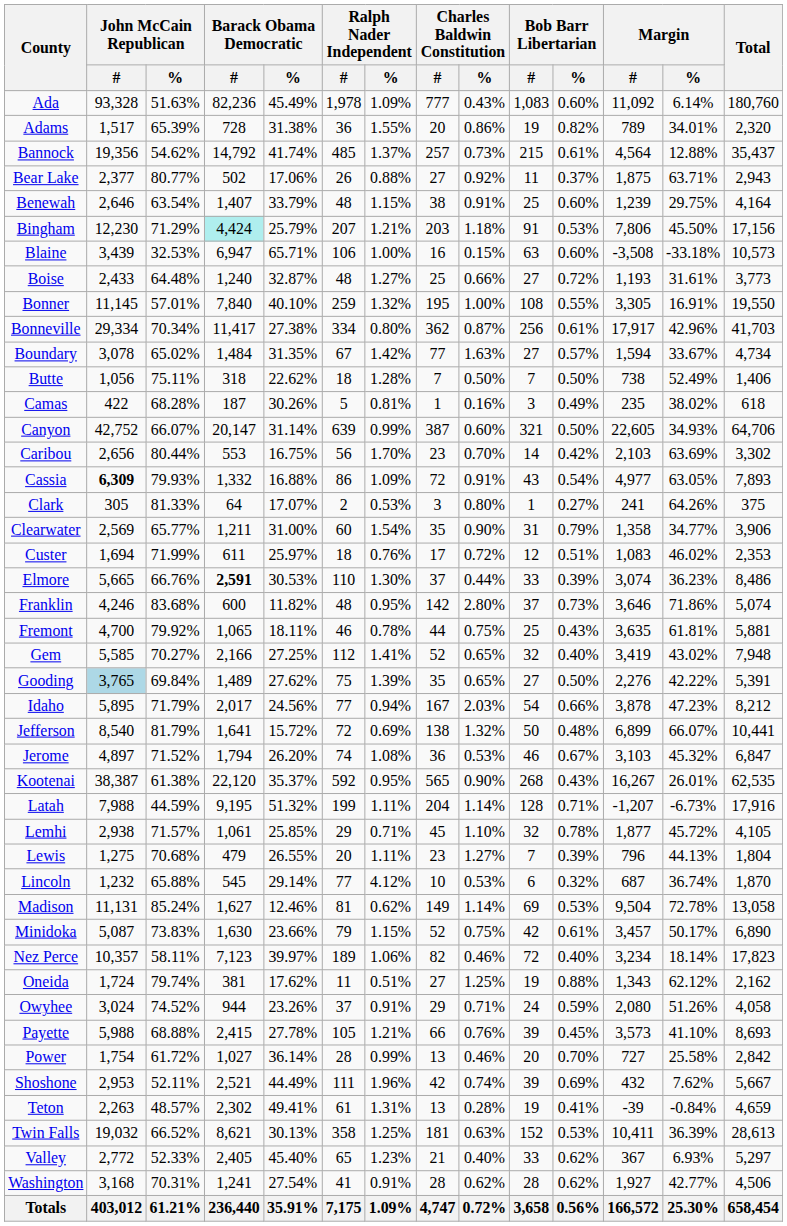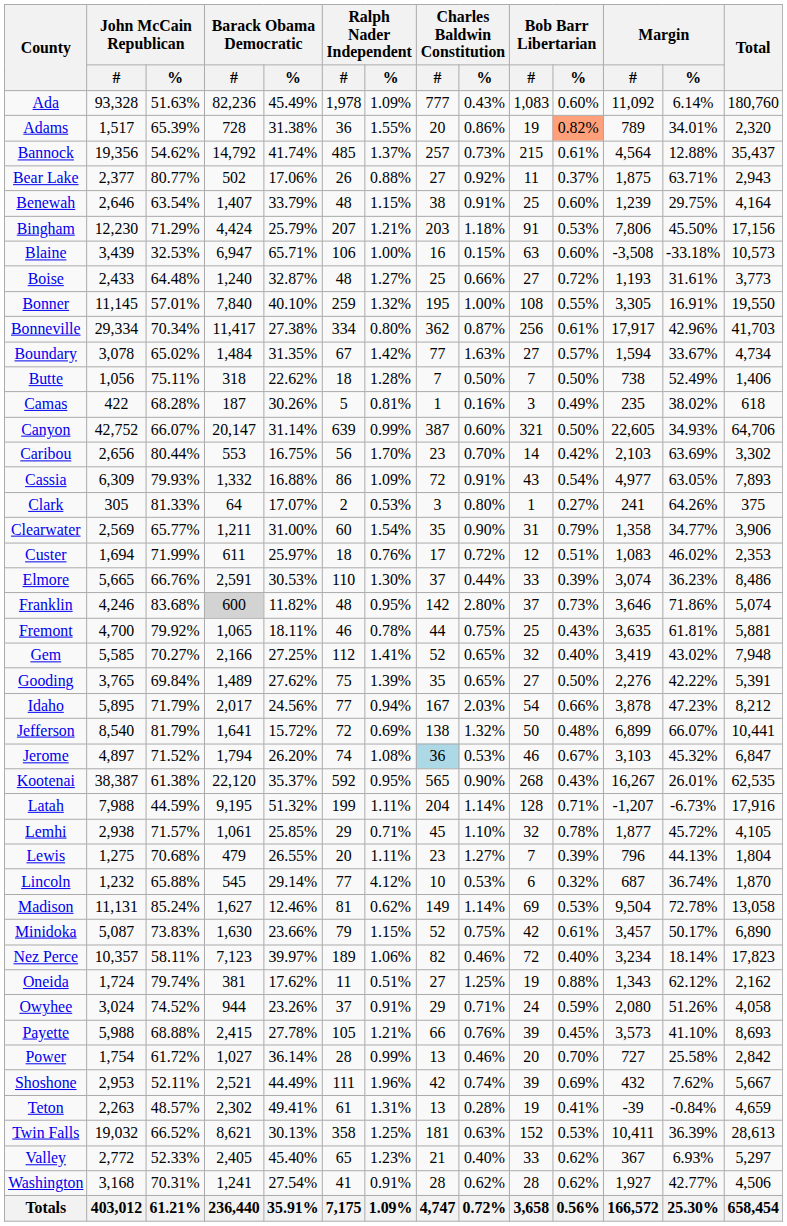 <table width="60%" class="wikitable sortable">
 <tr>
 <th rowspan="2">County</th>
 <th colspan="2">John McCain<br>Republican</th>
 <th colspan="2">Barack Obama<br>Democratic</th>
 <th colspan="2">Ralph Nader<br>Independent</th>
 <th colspan="2">Charles Baldwin<br>Constitution</th>
 <th colspan="2">Bob Barr<br>Libertarian</th>
 <th colspan="2">Margin</th>
 <th rowspan="2">Total</th>
 </tr>
 <tr>
 <th style="text-align:center;" data-sort-type="number">#</th>
 <th style="text-align:center;" data-sort-type="number">%</th>
 <th style="text-align:center;" data-sort-type="number">#</th>
 <th style="text-align:center;" data-sort-type="number">%</th>
 <th style="text-align:center;" data-sort-type="number">#</th>
 <th style="text-align:center;" data-sort-type="number">%</th>
 <th style="text-align:center;" data-sort-type="number">#</th>
 <th style="text-align:center;" data-sort-type="number">%</th>
 <th style="text-align:center;" data-sort-type="number">#</th>
 <th style="text-align:center;" data-sort-type="number">%</th>
 <th style="text-align:center;" data-sort-type="number">#</th>
 <th style="text-align:center;" data-sort-type="number">%</th>
 </tr>
 <tr style="text-align:center;">
 <td><a href='#'>Ada</a></td>
 <td>93,328</td>
 <td>51.63%</td>
 <td>82,236</td>
 <td>45.49%</td>
 <td>1,978</td>
 <td>1.09%</td>
 <td>777</td>
 <td>0.43%</td>
 <td>1,083</td>
 <td>0.60%</td>
 <td>11,092</td>
 <td>6.14%</td>
 <td>180,760</td>
 </tr>
 <tr style="text-align:center;">
 <td><a href='#'>Adams</a></td>
 <td>1,517</td>
 <td>65.39%</td>
 <td>728</td>
 <td>31.38%</td>
 <td>36</td>
 <td>1.55%</td>
 <td>20</td>
 <td>0.86%</td>
 <td>19</td>
-<td>0.82%</td>
+<td style="background: lightsalmon;">0.82%</td>
 <td>789</td>
 <td>34.01%</td>
 <td>2,320</td>
 </tr>
 <tr style="text-align:center;">
 <td><a href='#'>Bannock</a></td>
 <td>19,356</td>
 <td>54.62%</td>
 <td>14,792</td>
 <td>41.74%</td>
 <td>485</td>
 <td>1.37%</td>
 <td>257</td>
 <td>0.73%</td>
 <td>215</td>
 <td>0.61%</td>
 <td>4,564</td>
 <td>12.88%</td>
 <td>35,437</td>
 </tr>
 <tr style="text-align:center;">
 <td><a href='#'>Bear Lake</a></td>
 <td>2,377</td>
 <td>80.77%</td>
 <td>502</td>
 <td>17.06%</td>
 <td>26</td>
 <td>0.88%</td>
 <td>27</td>
 <td>0.92%</td>
 <td>11</td>
 <td>0.37%</td>
 <td>1,875</td>
 <td>63.71%</td>
 <td>2,943</td>
 </tr>
 <tr style="text-align:center;">
 <td><a href='#'>Benewah</a></td>
 <td>2,646</td>
 <td>63.54%</td>
 <td>1,407</td>
 <td>33.79%</td>
 <td>48</td>
 <td>1.15%</td>
 <td>38</td>
 <td>0.91%</td>
 <td>25</td>
 <td>0.60%</td>
 <td>1,239</td>
 <td>29.75%</td>
 <td>4,164</td>
 </tr>
 <tr style="text-align:center;">
 <td><a href='#'>Bingham</a></td>
 <td>12,230</td>
 <td>71.29%</td>
-<td style="background: paleturquoise;">4,424</td>
+<td>4,424</td>
 <td>25.79%</td>
 <td>207</td>
 <td>1.21%</td>
 <td>203</td>
 <td>1.18%</td>
 <td>91</td>
 <td>0.53%</td>
 <td>7,806</td>
 <td>45.50%</td>
 <td>17,156</td>
 </tr>
 <tr style="text-align:center;">
 <td><a href='#'>Blaine</a></td>
 <td>3,439</td>
 <td>32.53%</td>
 <td>6,947</td>
 <td>65.71%</td>
 <td>106</td>
 <td>1.00%</td>
 <td>16</td>
 <td>0.15%</td>
 <td>63</td>
 <td>0.60%</td>
 <td>-3,508</td>
 <td>-33.18%</td>
 <td>10,573</td>
 </tr>
 <tr style="text-align:center;">
 <td><a href='#'>Boise</a></td>
 <td>2,433</td>
 <td>64.48%</td>
 <td>1,240</td>
 <td>32.87%</td>
 <td>48</td>
 <td>1.27%</td>
 <td>25</td>
 <td>0.66%</td>
 <td>27</td>
 <td>0.72%</td>
 <td>1,193</td>
 <td>31.61%</td>
 <td>3,773</td>
 </tr>
 <tr style="text-align:center;">
 <td><a href='#'>Bonner</a></td>
 <td>11,145</td>
 <td>57.01%</td>
 <td>7,840</td>
 <td>40.10%</td>
 <td>259</td>
 <td>1.32%</td>
 <td>195</td>
 <td>1.00%</td>
 <td>108</td>
 <td>0.55%</td>
 <td>3,305</td>
 <td>16.91%</td>
 <td>19,550</td>
 </tr>
 <tr style="text-align:center;">
 <td><a href='#'>Bonneville</a></td>
 <td>29,334</td>
 <td>70.34%</td>
 <td>11,417</td>
 <td>27.38%</td>
 <td>334</td>
 <td>0.80%</td>
 <td>362</td>
 <td>0.87%</td>
 <td>256</td>
 <td>0.61%</td>
 <td>17,917</td>
 <td>42.96%</td>
 <td>41,703</td>
 </tr>
 <tr style="text-align:center;">
 <td><a href='#'>Boundary</a></td>
 <td>3,078</td>
 <td>65.02%</td>
 <td>1,484</td>
 <td>31.35%</td>
 <td>67</td>
 <td>1.42%</td>
 <td>77</td>
 <td>1.63%</td>
 <td>27</td>
 <td>0.57%</td>
 <td>1,594</td>
 <td>33.67%</td>
 <td>4,734</td>
 </tr>
 <tr style="text-align:center;">
 <td><a href='#'>Butte</a></td>
 <td>1,056</td>
 <td>75.11%</td>
 <td>318</td>
 <td>22.62%</td>
 <td>18</td>
 <td>1.28%</td>
 <td>7</td>
 <td>0.50%</td>
 <td>7</td>
 <td>0.50%</td>
 <td>738</td>
 <td>52.49%</td>
 <td>1,406</td>
 </tr>
 <tr style="text-align:center;">
 <td><a href='#'>Camas</a></td>
 <td>422</td>
 <td>68.28%</td>
 <td>187</td>
 <td>30.26%</td>
 <td>5</td>
 <td>0.81%</td>
 <td>1</td>
 <td>0.16%</td>
 <td>3</td>
 <td>0.49%</td>
 <td>235</td>
 <td>38.02%</td>
 <td>618</td>
 </tr>
 <tr style="text-align:center;">
 <td><a href='#'>Canyon</a></td>
 <td>42,752</td>
 <td>66.07%</td>
 <td>20,147</td>
 <td>31.14%</td>
 <td>639</td>
 <td>0.99%</td>
 <td>387</td>
 <td>0.60%</td>
 <td>321</td>
 <td>0.50%</td>
 <td>22,605</td>
 <td>34.93%</td>
 <td>64,706</td>
 </tr>
 <tr style="text-align:center;">
 <td><a href='#'>Caribou</a></td>
 <td>2,656</td>
 <td>80.44%</td>
 <td>553</td>
 <td>16.75%</td>
 <td>56</td>
 <td>1.70%</td>
 <td>23</td>
 <td>0.70%</td>
 <td>14</td>
 <td>0.42%</td>
 <td>2,103</td>
 <td>63.69%</td>
 <td>3,302</td>
 </tr>
 <tr style="text-align:center;">
 <td><a href='#'>Cassia</a></td>
-<td><strong>6,309</strong></td>
+<td>6,309</td>
 <td>79.93%</td>
 <td>1,332</td>
 <td>16.88%</td>
 <td>86</td>
 <td>1.09%</td>
 <td>72</td>
 <td>0.91%</td>
 <td>43</td>
 <td>0.54%</td>
 <td>4,977</td>
 <td>63.05%</td>
 <td>7,893</td>
 </tr>
 <tr style="text-align:center;">
 <td><a href='#'>Clark</a></td>
 <td>305</td>
 <td>81.33%</td>
 <td>64</td>
 <td>17.07%</td>
 <td>2</td>
 <td>0.53%</td>
 <td>3</td>
 <td>0.80%</td>
 <td>1</td>
 <td>0.27%</td>
 <td>241</td>
 <td>64.26%</td>
 <td>375</td>
 </tr>
 <tr style="text-align:center;">
 <td><a href='#'>Clearwater</a></td>
 <td>2,569</td>
 <td>65.77%</td>
 <td>1,211</td>
 <td>31.00%</td>
 <td>60</td>
 <td>1.54%</td>
 <td>35</td>
 <td>0.90%</td>
 <td>31</td>
 <td>0.79%</td>
 <td>1,358</td>
 <td>34.77%</td>
 <td>3,906</td>
 </tr>
 <tr style="text-align:center;">
 <td><a href='#'>Custer</a></td>
 <td>1,694</td>
 <td>71.99%</td>
 <td>611</td>
 <td>25.97%</td>
 <td>18</td>
 <td>0.76%</td>
 <td>17</td>
 <td>0.72%</td>
 <td>12</td>
 <td>0.51%</td>
 <td>1,083</td>
 <td>46.02%</td>
 <td>2,353</td>
 </tr>
 <tr style="text-align:center;">
 <td><a href='#'>Elmore</a></td>
 <td>5,665</td>
 <td>66.76%</td>
-<td><strong>2,591</strong></td>
+<td>2,591</td>
 <td>30.53%</td>
 <td>110</td>
 <td>1.30%</td>
 <td>37</td>
 <td>0.44%</td>
 <td>33</td>
 <td>0.39%</td>
 <td>3,074</td>
 <td>36.23%</td>
 <td>8,486</td>
 </tr>
 <tr style="text-align:center;">
 <td><a href='#'>Franklin</a></td>
 <td>4,246</td>
 <td>83.68%</td>
-<td>600</td>
+<td style="background: lightgrey;">600</td>
 <td>11.82%</td>
 <td>48</td>
 <td>0.95%</td>
 <td>142</td>
 <td>2.80%</td>
 <td>37</td>
 <td>0.73%</td>
 <td>3,646</td>
 <td>71.86%</td>
 <td>5,074</td>
 </tr>
 <tr style="text-align:center;">
 <td><a href='#'>Fremont</a></td>
 <td>4,700</td>
 <td>79.92%</td>
 <td>1,065</td>
 <td>18.11%</td>
 <td>46</td>
 <td>0.78%</td>
 <td>44</td>
 <td>0.75%</td>
 <td>25</td>
 <td>0.43%</td>
 <td>3,635</td>
 <td>61.81%</td>
 <td>5,881</td>
 </tr>
 <tr style="text-align:center;">
 <td><a href='#'>Gem</a></td>
 <td>5,585</td>
 <td>70.27%</td>
 <td>2,166</td>
 <td>27.25%</td>
 <td>112</td>
 <td>1.41%</td>
 <td>52</td>
 <td>0.65%</td>
 <td>32</td>
 <td>0.40%</td>
 <td>3,419</td>
 <td>43.02%</td>
 <td>7,948</td>
 </tr>
 <tr style="text-align:center;">
 <td><a href='#'>Gooding</a></td>
-<td style="background: lightblue;">3,765</td>
+<td>3,765</td>
 <td>69.84%</td>
 <td>1,489</td>
 <td>27.62%</td>
 <td>75</td>
 <td>1.39%</td>
 <td>35</td>
 <td>0.65%</td>
 <td>27</td>
 <td>0.50%</td>
 <td>2,276</td>
 <td>42.22%</td>
 <td>5,391</td>
 </tr>
 <tr style="text-align:center;">
 <td><a href='#'>Idaho</a></td>
 <td>5,895</td>
 <td>71.79%</td>
 <td>2,017</td>
 <td>24.56%</td>
 <td>77</td>
 <td>0.94%</td>
 <td>167</td>
 <td>2.03%</td>
 <td>54</td>
 <td>0.66%</td>
 <td>3,878</td>
 <td>47.23%</td>
 <td>8,212</td>
 </tr>
 <tr style="text-align:center;">
 <td><a href='#'>Jefferson</a></td>
 <td>8,540</td>
 <td>81.79%</td>
 <td>1,641</td>
 <td>15.72%</td>
 <td>72</td>
 <td>0.69%</td>
 <td>138</td>
 <td>1.32%</td>
 <td>50</td>
 <td>0.48%</td>
 <td>6,899</td>
 <td>66.07%</td>
 <td>10,441</td>
 </tr>
 <tr style="text-align:center;">
 <td><a href='#'>Jerome</a></td>
 <td>4,897</td>
 <td>71.52%</td>
 <td>1,794</td>
 <td>26.20%</td>
 <td>74</td>
 <td>1.08%</td>
-<td>36</td>
+<td style="background: lightblue;">36</td>
 <td>0.53%</td>
 <td>46</td>
 <td>0.67%</td>
 <td>3,103</td>
 <td>45.32%</td>
 <td>6,847</td>
 </tr>
 <tr style="text-align:center;">
 <td><a href='#'>Kootenai</a></td>
 <td>38,387</td>
 <td>61.38%</td>
 <td>22,120</td>
 <td>35.37%</td>
 <td>592</td>
 <td>0.95%</td>
 <td>565</td>
 <td>0.90%</td>
 <td>268</td>
 <td>0.43%</td>
 <td>16,267</td>
 <td>26.01%</td>
 <td>62,535</td>
 </tr>
 <tr style="text-align:center;">
 <td><a href='#'>Latah</a></td>
 <td>7,988</td>
 <td>44.59%</td>
 <td>9,195</td>
 <td>51.32%</td>
 <td>199</td>
 <td>1.11%</td>
 <td>204</td>
 <td>1.14%</td>
 <td>128</td>
 <td>0.71%</td>
 <td>-1,207</td>
 <td>-6.73%</td>
 <td>17,916</td>
 </tr>
 <tr style="text-align:center;">
 <td><a href='#'>Lemhi</a></td>
 <td>2,938</td>
 <td>71.57%</td>
 <td>1,061</td>
 <td>25.85%</td>
 <td>29</td>
 <td>0.71%</td>
 <td>45</td>
 <td>1.10%</td>
 <td>32</td>
 <td>0.78%</td>
 <td>1,877</td>
 <td>45.72%</td>
 <td>4,105</td>
 </tr>
 <tr style="text-align:center;">
 <td><a href='#'>Lewis</a></td>
 <td>1,275</td>
 <td>70.68%</td>
 <td>479</td>
 <td>26.55%</td>
 <td>20</td>
 <td>1.11%</td>
 <td>23</td>
 <td>1.27%</td>
 <td>7</td>
 <td>0.39%</td>
 <td>796</td>
 <td>44.13%</td>
 <td>1,804</td>
 </tr>
 <tr style="text-align:center;">
 <td><a href='#'>Lincoln</a></td>
 <td>1,232</td>
 <td>65.88%</td>
 <td>545</td>
 <td>29.14%</td>
 <td>77</td>
 <td>4.12%</td>
 <td>10</td>
 <td>0.53%</td>
 <td>6</td>
 <td>0.32%</td>
 <td>687</td>
 <td>36.74%</td>
 <td>1,870</td>
 </tr>
 <tr style="text-align:center;">
 <td><a href='#'>Madison</a></td>
 <td>11,131</td>
 <td>85.24%</td>
 <td>1,627</td>
 <td>12.46%</td>
 <td>81</td>
 <td>0.62%</td>
 <td>149</td>
 <td>1.14%</td>
 <td>69</td>
 <td>0.53%</td>
 <td>9,504</td>
 <td>72.78%</td>
 <td>13,058</td>
 </tr>
 <tr style="text-align:center;">
 <td><a href='#'>Minidoka</a></td>
 <td>5,087</td>
 <td>73.83%</td>
 <td>1,630</td>
 <td>23.66%</td>
 <td>79</td>
 <td>1.15%</td>
 <td>52</td>
 <td>0.75%</td>
 <td>42</td>
 <td>0.61%</td>
 <td>3,457</td>
 <td>50.17%</td>
 <td>6,890</td>
 </tr>
 <tr style="text-align:center;">
 <td><a href='#'>Nez Perce</a></td>
 <td>10,357</td>
 <td>58.11%</td>
 <td>7,123</td>
 <td>39.97%</td>
 <td>189</td>
 <td>1.06%</td>
 <td>82</td>
 <td>0.46%</td>
 <td>72</td>
 <td>0.40%</td>
 <td>3,234</td>
 <td>18.14%</td>
 <td>17,823</td>
 </tr>
 <tr style="text-align:center;">
 <td><a href='#'>Oneida</a></td>
 <td>1,724</td>
 <td>79.74%</td>
 <td>381</td>
 <td>17.62%</td>
 <td>11</td>
 <td>0.51%</td>
 <td>27</td>
 <td>1.25%</td>
 <td>19</td>
 <td>0.88%</td>
 <td>1,343</td>
 <td>62.12%</td>
 <td>2,162</td>
 </tr>
 <tr style="text-align:center;">
 <td><a href='#'>Owyhee</a></td>
 <td>3,024</td>
 <td>74.52%</td>
 <td>944</td>
 <td>23.26%</td>
 <td>37</td>
 <td>0.91%</td>
 <td>29</td>
 <td>0.71%</td>
 <td>24</td>
 <td>0.59%</td>
 <td>2,080</td>
 <td>51.26%</td>
 <td>4,058</td>
 </tr>
 <tr style="text-align:center;">
 <td><a href='#'>Payette</a></td>
 <td>5,988</td>
 <td>68.88%</td>
 <td>2,415</td>
 <td>27.78%</td>
 <td>105</td>
 <td>1.21%</td>
 <td>66</td>
 <td>0.76%</td>
 <td>39</td>
 <td>0.45%</td>
 <td>3,573</td>
 <td>41.10%</td>
 <td>8,693</td>
 </tr>
 <tr style="text-align:center;">
 <td><a href='#'>Power</a></td>
 <td>1,754</td>
 <td>61.72%</td>
 <td>1,027</td>
 <td>36.14%</td>
 <td>28</td>
 <td>0.99%</td>
 <td>13</td>
 <td>0.46%</td>
 <td>20</td>
 <td>0.70%</td>
 <td>727</td>
 <td>25.58%</td>
 <td>2,842</td>
 </tr>
 <tr style="text-align:center;">
 <td><a href='#'>Shoshone</a></td>
 <td>2,953</td>
 <td>52.11%</td>
 <td>2,521</td>
 <td>44.49%</td>
 <td>111</td>
 <td>1.96%</td>
 <td>42</td>
 <td>0.74%</td>
 <td>39</td>
 <td>0.69%</td>
 <td>432</td>
 <td>7.62%</td>
 <td>5,667</td>
 </tr>
 <tr style="text-align:center;">
 <td><a href='#'>Teton</a></td>
 <td>2,263</td>
 <td>48.57%</td>
 <td>2,302</td>
 <td>49.41%</td>
 <td>61</td>
 <td>1.31%</td>
 <td>13</td>
 <td>0.28%</td>
 <td>19</td>
 <td>0.41%</td>
 <td>-39</td>
 <td>-0.84%</td>
 <td>4,659</td>
 </tr>
 <tr style="text-align:center;">
 <td><a href='#'>Twin Falls</a></td>
 <td>19,032</td>
 <td>66.52%</td>
 <td>8,621</td>
 <td>30.13%</td>
 <td>358</td>
 <td>1.25%</td>
 <td>181</td>
 <td>0.63%</td>
 <td>152</td>
 <td>0.53%</td>
 <td>10,411</td>
 <td>36.39%</td>
 <td>28,613</td>
 </tr>
 <tr style="text-align:center;">
 <td><a href='#'>Valley</a></td>
 <td>2,772</td>
 <td>52.33%</td>
 <td>2,405</td>
 <td>45.40%</td>
 <td>65</td>
 <td>1.23%</td>
 <td>21</td>
 <td>0.40%</td>
 <td>33</td>
 <td>0.62%</td>
 <td>367</td>
 <td>6.93%</td>
 <td>5,297</td>
 </tr>
 <tr style="text-align:center;">
 <td><a href='#'>Washington</a></td>
 <td>3,168</td>
 <td>70.31%</td>
 <td>1,241</td>
 <td>27.54%</td>
 <td>41</td>
 <td>0.91%</td>
 <td>28</td>
 <td>0.62%</td>
 <td>28</td>
 <td>0.62%</td>
 <td>1,927</td>
 <td>42.77%</td>
 <td>4,506</td>
 </tr>
 <tr>
 <th>Totals</th>
 <th>403,012</th>
 <th>61.21%</th>
 <th>236,440</th>
 <th>35.91%</th>
 <th>7,175</th>
 <th>1.09%</th>
 <th>4,747</th>
 <th>0.72%</th>
 <th>3,658</th>
 <th>0.56%</th>
 <th>166,572</th>
 <th>25.30%</th>
 <th>658,454</th>
 </tr>
 </table>
